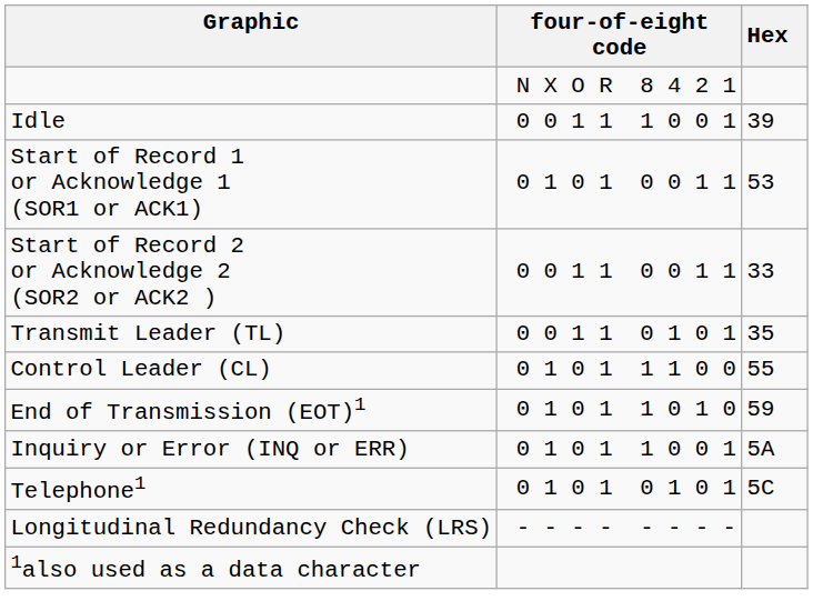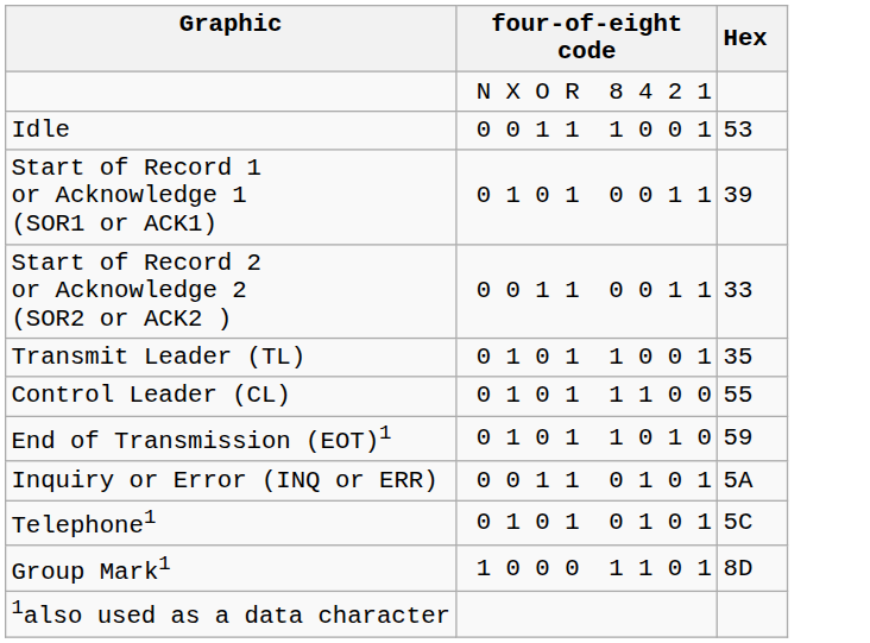 <table class="wikitable" style="font-family: 'Courier New';">
 <tr>
 <th>Graphic<br> </th>
 <th>four-of-eight<br>code</th>
 <th>Hex </th>
 </tr>
 <tr>
 <td> </td>
 <td> N X O R  8 4 2 1</td>
 <td></td>
 </tr>
 <tr>
 <td>Idle</td>
 <td> 0 0 1 1  1 0 0 1</td>
-<td>39</td>
+<td>53</td>
 </tr>
 <tr>
 <td>Start of Record 1<br>or Acknowledge 1<br>(SOR1 or ACK1)</td>
 <td> 0 1 0 1  0 0 1 1</td>
-<td>53</td>
+<td>39</td>
 </tr>
 <tr>
 <td>Start of Record 2<br>or Acknowledge 2<br>(SOR2 or ACK2 )</td>
 <td> 0 0 1 1  0 0 1 1</td>
 <td>33</td>
 </tr>
 <tr>
 <td>Transmit Leader (TL)</td>
-<td> 0 0 1 1  0 1 0 1</td>
+<td> 0 1 0 1  1 0 0 1</td>
 <td>35</td>
 </tr>
 <tr>
 <td>Control Leader (CL)</td>
 <td> 0 1 0 1  1 1 0 0</td>
 <td>55</td>
 </tr>
 <tr>
 <td>End of Transmission (EOT)<sup>1</sup></td>
 <td> 0 1 0 1  1 0 1 0</td>
 <td>59</td>
 </tr>
 <tr>
 <td>Inquiry or Error (INQ or ERR)</td>
-<td> 0 1 0 1  1 0 0 1</td>
+<td> 0 0 1 1  0 1 0 1</td>
 <td>5A</td>
 </tr>
 <tr>
 <td>Telephone<sup>1</sup></td>
 <td> 0 1 0 1  0 1 0 1</td>
 <td>5C</td>
 </tr>
 <tr>
-<td>Longitudinal Redundancy Check (LRS)</td>
-<td> - - - -  - - - -</td>
-<td></td>
+<td>Group Mark<sup>1</sup></td>
+<td> 1 0 0 0  1 1 0 1</td>
+<td>8D</td>
 </tr>
 <tr>
 <td><sup>1</sup>also used as a data character</td>
 <td></td>
 <td></td>
 </tr>
 </table>
